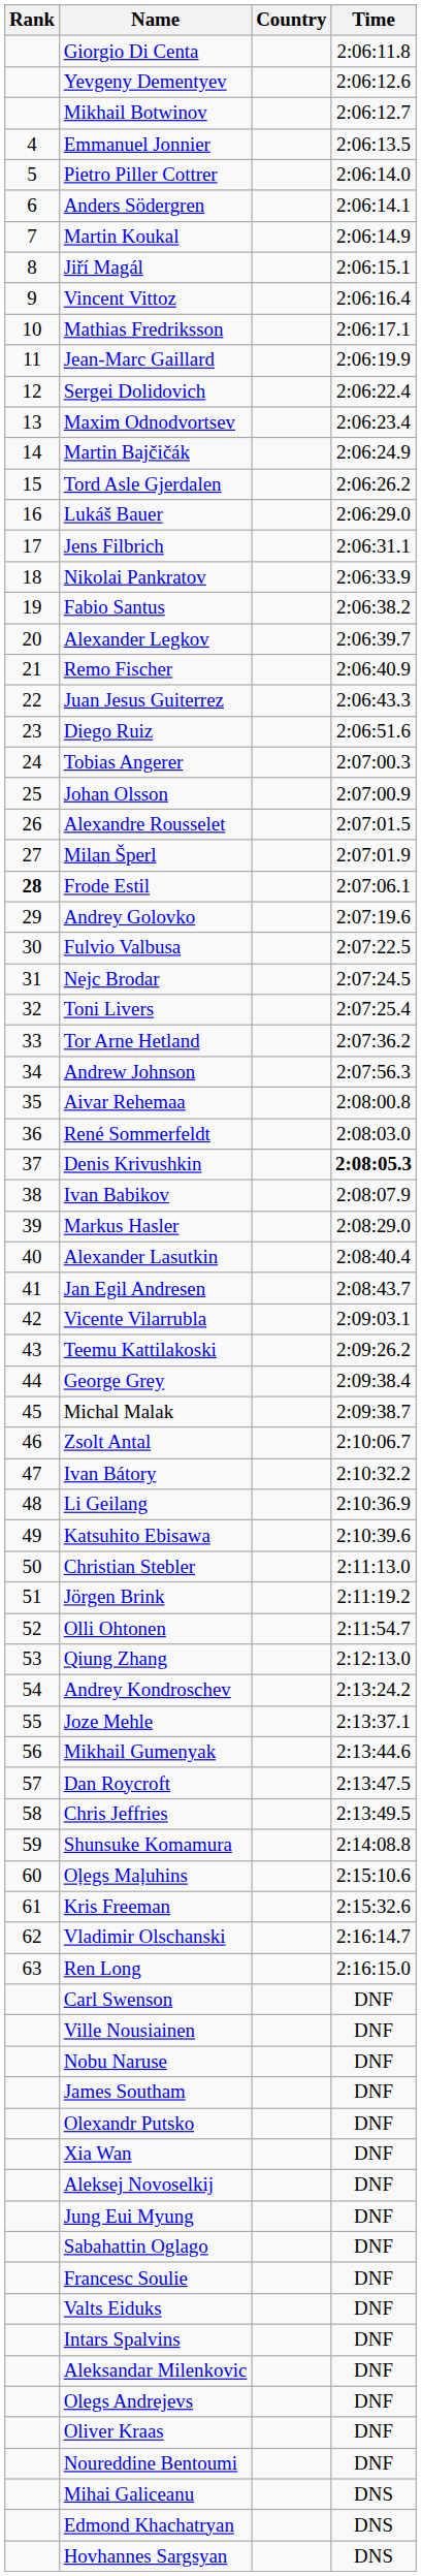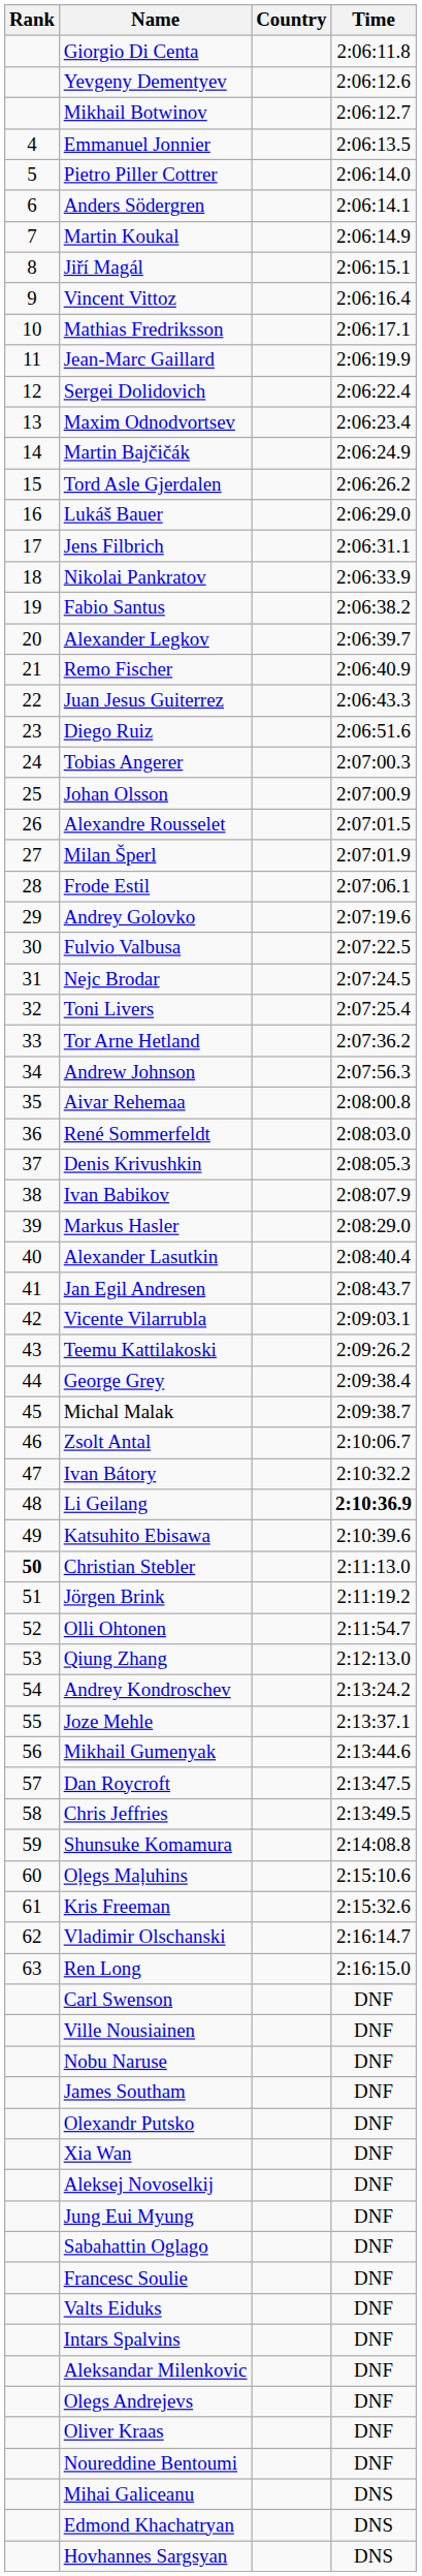 <table class="wikitable sortable" style="text-align:center">
 <tr>
 <th>Rank</th>
 <th>Name</th>
 <th>Country</th>
 <th>Time</th>
 </tr>
 <tr>
 <td></td>
 <td align="left"><a href='#'>Giorgio Di Centa</a></td>
 <td align="left"></td>
 <td>2:06:11.8</td>
 </tr>
 <tr>
 <td></td>
 <td align="left"><a href='#'>Yevgeny Dementyev</a></td>
 <td align="left"></td>
 <td>2:06:12.6</td>
 </tr>
 <tr>
 <td></td>
 <td align="left"><a href='#'>Mikhail Botwinov</a></td>
 <td align="left"></td>
 <td>2:06:12.7</td>
 </tr>
 <tr>
 <td>4</td>
 <td align="left"><a href='#'>Emmanuel Jonnier</a></td>
 <td align="left"></td>
 <td>2:06:13.5</td>
 </tr>
 <tr>
 <td>5</td>
 <td align="left"><a href='#'>Pietro Piller Cottrer</a></td>
 <td align="left"></td>
 <td>2:06:14.0</td>
 </tr>
 <tr>
 <td>6</td>
 <td align="left"><a href='#'>Anders Södergren</a></td>
 <td align="left"></td>
 <td>2:06:14.1</td>
 </tr>
 <tr>
 <td>7</td>
 <td align="left"><a href='#'>Martin Koukal</a></td>
 <td align="left"></td>
 <td>2:06:14.9</td>
 </tr>
 <tr>
 <td>8</td>
 <td align="left"><a href='#'>Jiří Magál</a></td>
 <td align="left"></td>
 <td>2:06:15.1</td>
 </tr>
 <tr>
 <td>9</td>
 <td align="left"><a href='#'>Vincent Vittoz</a></td>
 <td align="left"></td>
 <td>2:06:16.4</td>
 </tr>
 <tr>
 <td>10</td>
 <td align="left"><a href='#'>Mathias Fredriksson</a></td>
 <td align="left"></td>
 <td>2:06:17.1</td>
 </tr>
 <tr>
 <td>11</td>
 <td align="left"><a href='#'>Jean-Marc Gaillard</a></td>
 <td align="left"></td>
 <td>2:06:19.9</td>
 </tr>
 <tr>
 <td>12</td>
 <td align="left"><a href='#'>Sergei Dolidovich</a></td>
 <td align="left"></td>
 <td>2:06:22.4</td>
 </tr>
 <tr>
 <td>13</td>
 <td align="left"><a href='#'>Maxim Odnodvortsev</a></td>
 <td align="left"></td>
 <td>2:06:23.4</td>
 </tr>
 <tr>
 <td>14</td>
 <td align="left"><a href='#'>Martin Bajčičák</a></td>
 <td align="left"></td>
 <td>2:06:24.9</td>
 </tr>
 <tr>
 <td>15</td>
 <td align="left"><a href='#'>Tord Asle Gjerdalen</a></td>
 <td align="left"></td>
 <td>2:06:26.2</td>
 </tr>
 <tr>
 <td>16</td>
 <td align="left"><a href='#'>Lukáš Bauer</a></td>
 <td align="left"></td>
 <td>2:06:29.0</td>
 </tr>
 <tr>
 <td>17</td>
 <td align="left"><a href='#'>Jens Filbrich</a></td>
 <td align="left"></td>
 <td>2:06:31.1</td>
 </tr>
 <tr>
 <td>18</td>
 <td align="left"><a href='#'>Nikolai Pankratov</a></td>
 <td align="left"></td>
 <td>2:06:33.9</td>
 </tr>
 <tr>
 <td>19</td>
 <td align="left"><a href='#'>Fabio Santus</a></td>
 <td align="left"></td>
 <td>2:06:38.2</td>
 </tr>
 <tr>
 <td>20</td>
 <td align="left"><a href='#'>Alexander Legkov</a></td>
 <td align="left"></td>
 <td>2:06:39.7</td>
 </tr>
 <tr>
 <td>21</td>
 <td align="left"><a href='#'>Remo Fischer</a></td>
 <td align="left"></td>
 <td>2:06:40.9</td>
 </tr>
 <tr>
 <td>22</td>
 <td align="left"><a href='#'>Juan Jesus Guiterrez</a></td>
 <td align="left"></td>
 <td>2:06:43.3</td>
 </tr>
 <tr>
 <td>23</td>
 <td align="left"><a href='#'>Diego Ruiz</a></td>
 <td align="left"></td>
 <td>2:06:51.6</td>
 </tr>
 <tr>
 <td>24</td>
 <td align="left"><a href='#'>Tobias Angerer</a></td>
 <td align="left"></td>
 <td>2:07:00.3</td>
 </tr>
 <tr>
 <td>25</td>
 <td align="left"><a href='#'>Johan Olsson</a></td>
 <td align="left"></td>
 <td>2:07:00.9</td>
 </tr>
 <tr>
 <td>26</td>
 <td align="left"><a href='#'>Alexandre Rousselet</a></td>
 <td align="left"></td>
 <td>2:07:01.5</td>
 </tr>
 <tr>
 <td>27</td>
 <td align="left"><a href='#'>Milan Šperl</a></td>
 <td align="left"></td>
 <td>2:07:01.9</td>
 </tr>
 <tr>
-<td><strong>28</strong></td>
+<td>28</td>
 <td align="left"><a href='#'>Frode Estil</a></td>
 <td align="left"></td>
 <td>2:07:06.1</td>
 </tr>
 <tr>
 <td>29</td>
 <td align="left"><a href='#'>Andrey Golovko</a></td>
 <td align="left"></td>
 <td>2:07:19.6</td>
 </tr>
 <tr>
 <td>30</td>
 <td align="left"><a href='#'>Fulvio Valbusa</a></td>
 <td align="left"></td>
 <td>2:07:22.5</td>
 </tr>
 <tr>
 <td>31</td>
 <td align="left"><a href='#'>Nejc Brodar</a></td>
 <td align="left"></td>
 <td>2:07:24.5</td>
 </tr>
 <tr>
 <td>32</td>
 <td align="left"><a href='#'>Toni Livers</a></td>
 <td align="left"></td>
 <td>2:07:25.4</td>
 </tr>
 <tr>
 <td>33</td>
 <td align="left"><a href='#'>Tor Arne Hetland</a></td>
 <td align="left"></td>
 <td>2:07:36.2</td>
 </tr>
 <tr>
 <td>34</td>
 <td align="left"><a href='#'>Andrew Johnson</a></td>
 <td align="left"></td>
 <td>2:07:56.3</td>
 </tr>
 <tr>
 <td>35</td>
 <td align="left"><a href='#'>Aivar Rehemaa</a></td>
 <td align="left"></td>
 <td>2:08:00.8</td>
 </tr>
 <tr>
 <td>36</td>
 <td align="left"><a href='#'>René Sommerfeldt</a></td>
 <td align="left"></td>
 <td>2:08:03.0</td>
 </tr>
 <tr>
 <td>37</td>
 <td align="left"><a href='#'>Denis Krivushkin</a></td>
 <td align="left"></td>
-<td><strong>2:08:05.3</strong></td>
+<td>2:08:05.3</td>
 </tr>
 <tr>
 <td>38</td>
 <td align="left"><a href='#'>Ivan Babikov</a></td>
 <td align="left"></td>
 <td>2:08:07.9</td>
 </tr>
 <tr>
 <td>39</td>
 <td align="left"><a href='#'>Markus Hasler</a></td>
 <td align="left"></td>
 <td>2:08:29.0</td>
 </tr>
 <tr>
 <td>40</td>
 <td align="left"><a href='#'>Alexander Lasutkin</a></td>
 <td align="left"></td>
 <td>2:08:40.4</td>
 </tr>
 <tr>
 <td>41</td>
 <td align="left"><a href='#'>Jan Egil Andresen</a></td>
 <td align="left"></td>
 <td>2:08:43.7</td>
 </tr>
 <tr>
 <td>42</td>
 <td align="left"><a href='#'>Vicente Vilarrubla</a></td>
 <td align="left"></td>
 <td>2:09:03.1</td>
 </tr>
 <tr>
 <td>43</td>
 <td align="left"><a href='#'>Teemu Kattilakoski</a></td>
 <td align="left"></td>
 <td>2:09:26.2</td>
 </tr>
 <tr>
 <td>44</td>
 <td align="left"><a href='#'>George Grey</a></td>
 <td align="left"></td>
 <td>2:09:38.4</td>
 </tr>
 <tr>
 <td>45</td>
 <td align="left">Michal Malak</td>
 <td align="left"></td>
 <td>2:09:38.7</td>
 </tr>
 <tr>
 <td>46</td>
 <td align="left"><a href='#'>Zsolt Antal</a></td>
 <td align="left"></td>
 <td>2:10:06.7</td>
 </tr>
 <tr>
 <td>47</td>
 <td align="left"><a href='#'>Ivan Bátory</a></td>
 <td align="left"></td>
 <td>2:10:32.2</td>
 </tr>
 <tr>
 <td>48</td>
 <td align="left"><a href='#'>Li Geilang</a></td>
 <td align="left"></td>
-<td>2:10:36.9</td>
+<td><strong>2:10:36.9</strong></td>
 </tr>
 <tr>
 <td>49</td>
 <td align="left"><a href='#'>Katsuhito Ebisawa</a></td>
 <td align="left"></td>
 <td>2:10:39.6</td>
 </tr>
 <tr>
-<td>50</td>
+<td><strong>50</strong></td>
 <td align="left"><a href='#'>Christian Stebler</a></td>
 <td align="left"></td>
 <td>2:11:13.0</td>
 </tr>
 <tr>
 <td>51</td>
 <td align="left"><a href='#'>Jörgen Brink</a></td>
 <td align="left"></td>
 <td>2:11:19.2</td>
 </tr>
 <tr>
 <td>52</td>
 <td align="left"><a href='#'>Olli Ohtonen</a></td>
 <td align="left"></td>
 <td>2:11:54.7</td>
 </tr>
 <tr>
 <td>53</td>
 <td align="left"><a href='#'>Qiung Zhang</a></td>
 <td align="left"></td>
 <td>2:12:13.0</td>
 </tr>
 <tr>
 <td>54</td>
 <td align="left"><a href='#'>Andrey Kondroschev</a></td>
 <td align="left"></td>
 <td>2:13:24.2</td>
 </tr>
 <tr>
 <td>55</td>
 <td align="left"><a href='#'>Joze Mehle</a></td>
 <td align="left"></td>
 <td>2:13:37.1</td>
 </tr>
 <tr>
 <td>56</td>
 <td align="left"><a href='#'>Mikhail Gumenyak</a></td>
 <td align="left"></td>
 <td>2:13:44.6</td>
 </tr>
 <tr>
 <td>57</td>
 <td align="left"><a href='#'>Dan Roycroft</a></td>
 <td align="left"></td>
 <td>2:13:47.5</td>
 </tr>
 <tr>
 <td>58</td>
 <td align="left"><a href='#'>Chris Jeffries</a></td>
 <td align="left"></td>
 <td>2:13:49.5</td>
 </tr>
 <tr>
 <td>59</td>
 <td align="left"><a href='#'>Shunsuke Komamura</a></td>
 <td align="left"></td>
 <td>2:14:08.8</td>
 </tr>
 <tr>
 <td>60</td>
 <td align="left"><a href='#'>Oļegs Maļuhins</a></td>
 <td align="left"></td>
 <td>2:15:10.6</td>
 </tr>
 <tr>
 <td>61</td>
 <td align="left"><a href='#'>Kris Freeman</a></td>
 <td align="left"></td>
 <td>2:15:32.6</td>
 </tr>
 <tr>
 <td>62</td>
 <td align="left"><a href='#'>Vladimir Olschanski</a></td>
 <td align="left"></td>
 <td>2:16:14.7</td>
 </tr>
 <tr>
 <td>63</td>
 <td align="left"><a href='#'>Ren Long</a></td>
 <td align="left"></td>
 <td>2:16:15.0</td>
 </tr>
 <tr>
 <td></td>
 <td align="left"><a href='#'>Carl Swenson</a></td>
 <td align="left"></td>
 <td>DNF</td>
 </tr>
 <tr>
 <td></td>
 <td align="left"><a href='#'>Ville Nousiainen</a></td>
 <td align="left"></td>
 <td>DNF</td>
 </tr>
 <tr>
 <td></td>
 <td align="left"><a href='#'>Nobu Naruse</a></td>
 <td align="left"></td>
 <td>DNF</td>
 </tr>
 <tr>
 <td></td>
 <td align="left"><a href='#'>James Southam</a></td>
 <td align="left"></td>
 <td>DNF</td>
 </tr>
 <tr>
 <td></td>
 <td align="left"><a href='#'>Olexandr Putsko</a></td>
 <td align="left"></td>
 <td>DNF</td>
 </tr>
 <tr>
 <td></td>
 <td align="left"><a href='#'>Xia Wan</a></td>
 <td align="left"></td>
 <td>DNF</td>
 </tr>
 <tr>
 <td></td>
 <td align="left"><a href='#'>Aleksej Novoselkij</a></td>
 <td align="left"></td>
 <td>DNF</td>
 </tr>
 <tr>
 <td></td>
 <td align="left"><a href='#'>Jung Eui Myung</a></td>
 <td align="left"></td>
 <td>DNF</td>
 </tr>
 <tr>
 <td></td>
 <td align="left"><a href='#'>Sabahattin Oglago</a></td>
 <td align="left"></td>
 <td>DNF</td>
 </tr>
 <tr>
 <td></td>
 <td align="left"><a href='#'>Francesc Soulie</a></td>
 <td align="left"></td>
 <td>DNF</td>
 </tr>
 <tr>
 <td></td>
 <td align="left"><a href='#'>Valts Eiduks</a></td>
 <td align="left"></td>
 <td>DNF</td>
 </tr>
 <tr>
 <td></td>
 <td align="left"><a href='#'>Intars Spalvins</a></td>
 <td align="left"></td>
 <td>DNF</td>
 </tr>
 <tr>
 <td></td>
 <td align="left"><a href='#'>Aleksandar Milenkovic</a></td>
 <td align="left"></td>
 <td>DNF</td>
 </tr>
 <tr>
 <td></td>
 <td align="left"><a href='#'>Olegs Andrejevs</a></td>
 <td align="left"></td>
 <td>DNF</td>
 </tr>
 <tr>
 <td></td>
 <td align="left"><a href='#'>Oliver Kraas</a></td>
 <td align="left"></td>
 <td>DNF</td>
 </tr>
 <tr>
 <td></td>
 <td align="left"><a href='#'>Noureddine Bentoumi</a></td>
 <td align="left"></td>
 <td>DNF</td>
 </tr>
 <tr>
 <td></td>
 <td align="left"><a href='#'>Mihai Galiceanu</a></td>
 <td align="left"></td>
 <td>DNS</td>
 </tr>
 <tr>
 <td></td>
 <td align="left"><a href='#'>Edmond Khachatryan</a></td>
 <td align="left"></td>
 <td>DNS</td>
 </tr>
 <tr>
 <td></td>
 <td align="left"><a href='#'>Hovhannes Sargsyan</a></td>
 <td align="left"></td>
 <td>DNS</td>
 </tr>
 </table>
